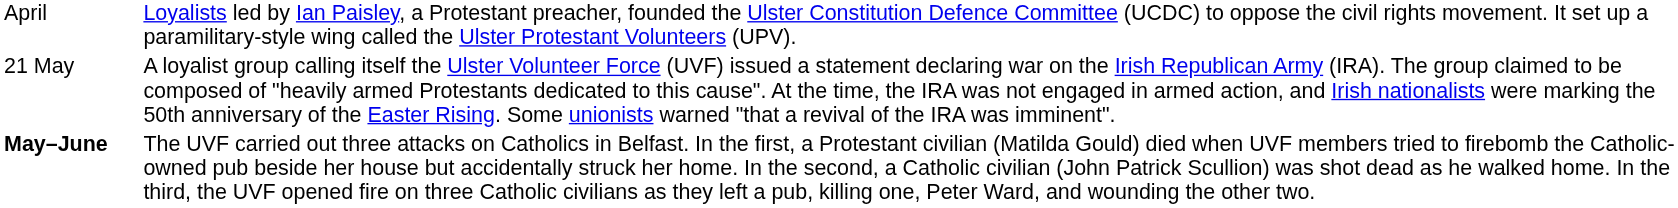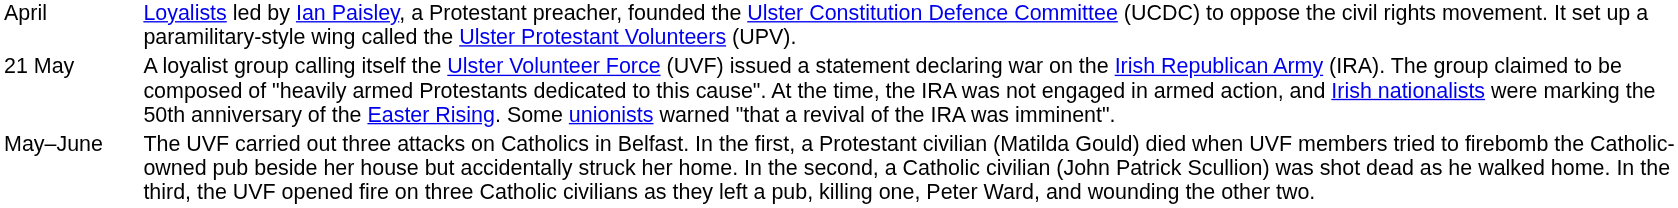 <table "floatright">
 <tr>
 <td style="width:100px; vertical-align:top;">April</td>
 <td><a href='#'>Loyalists</a> led by <a href='#'>Ian Paisley</a>, a Protestant preacher, founded the <a href='#'>Ulster Constitution Defence Committee</a> (UCDC) to oppose the civil rights movement. It set up a paramilitary-style wing called the <a href='#'>Ulster Protestant Volunteers</a> (UPV).</td>
 </tr>
 <tr>
 <td valign="top">21 May</td>
 <td>A loyalist group calling itself the <a href='#'>Ulster Volunteer Force</a> (UVF) issued a statement declaring war on the <a href='#'>Irish Republican Army</a> (IRA). The group claimed to be composed of "heavily armed Protestants dedicated to this cause". At the time, the IRA was not engaged in armed action, and <a href='#'>Irish nationalists</a> were marking the 50th anniversary of the <a href='#'>Easter Rising</a>. Some <a href='#'>unionists</a> warned "that a revival of the IRA was imminent".</td>
 </tr>
 <tr>
-<td valign="top"><strong>May–June</strong></td>
+<td valign="top">May–June</td>
 <td>The UVF carried out three attacks on Catholics in Belfast. In the first, a Protestant civilian (Matilda Gould) died when UVF members tried to firebomb the Catholic-owned pub beside her house but accidentally struck her home. In the second, a Catholic civilian (John Patrick Scullion) was shot dead as he walked home. In the third, the UVF opened fire on three Catholic civilians as they left a pub, killing one, Peter Ward, and wounding the other two.</td>
 </tr>
 </table>
